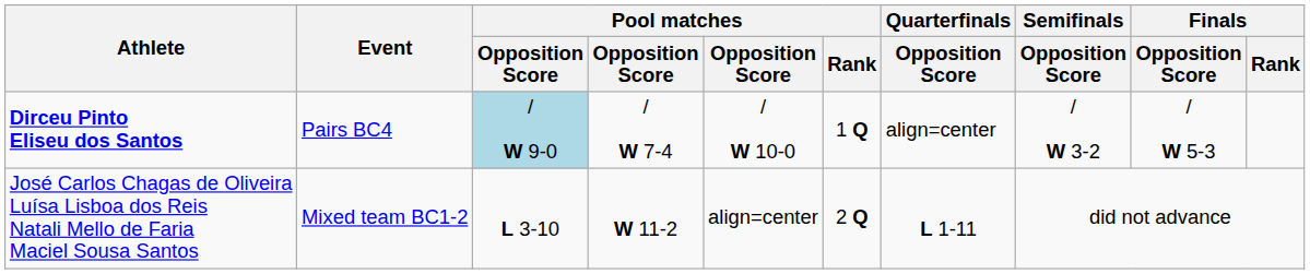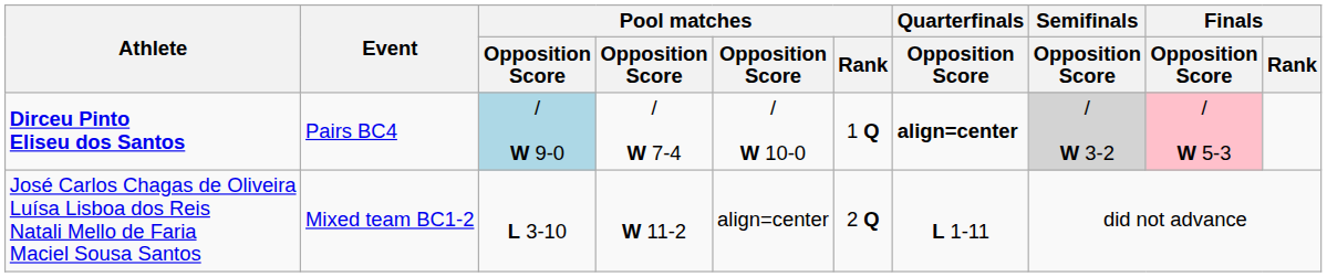 <table class=wikitable>
 <tr>
 <th rowspan="2">Athlete</th>
 <th rowspan="2">Event</th>
 <th colspan="4">Pool matches</th>
 <th>Quarterfinals</th>
 <th>Semifinals</th>
 <th colspan="2">Finals</th>
 </tr>
 <tr>
 <th>Opposition<br>Score</th>
 <th>Opposition<br>Score</th>
 <th>Opposition<br>Score</th>
 <th>Rank</th>
 <th>Opposition<br>Score</th>
 <th>Opposition<br>Score</th>
 <th>Opposition<br>Score</th>
 <th>Rank</th>
 </tr>
 <tr>
 <td align=left><strong><a href='#'>Dirceu Pinto</a></strong><br> <strong><a href='#'>Eliseu dos Santos</a></strong></td>
 <td align=left><a href='#'>Pairs BC4</a></td>
 <td align=center style="background: lightblue;"> /<br> <br> <strong>W</strong> 9-0</td>
 <td align=center> /<br> <br> <strong>W</strong> 7-4</td>
 <td align=center> /<br> <br> <strong>W</strong> 10-0</td>
 <td align=center>1 <strong>Q</strong></td>
-<td>align=center </td>
-<td align=center> /<br> <br> <strong>W</strong> 3-2</td>
-<td align=center> /<br> <br> <strong>W</strong> 5-3</td>
+<td><strong>align=center </strong></td>
+<td align=center style="background: lightgrey;"> /<br> <br> <strong>W</strong> 3-2</td>
+<td align=center style="background: pink;"> /<br> <br> <strong>W</strong> 5-3</td>
 <td align=center></td>
 </tr>
 <tr>
 <td align=left><a href='#'>José Carlos Chagas de Oliveira</a><br> <a href='#'>Luísa Lisboa dos Reis</a><br> <a href='#'>Natali Mello de Faria</a><br> <a href='#'>Maciel Sousa Santos</a></td>
 <td align=left><a href='#'>Mixed team BC1-2</a></td>
 <td align=center><br><strong>L</strong> 3-10</td>
 <td align=center><br><strong>W</strong> 11-2</td>
 <td>align=center </td>
 <td align=center>2 <strong>Q</strong></td>
 <td align=center><br><strong>L</strong> 1-11</td>
 <td align=center colspan="3">did not advance</td>
 </tr>
 </table>
